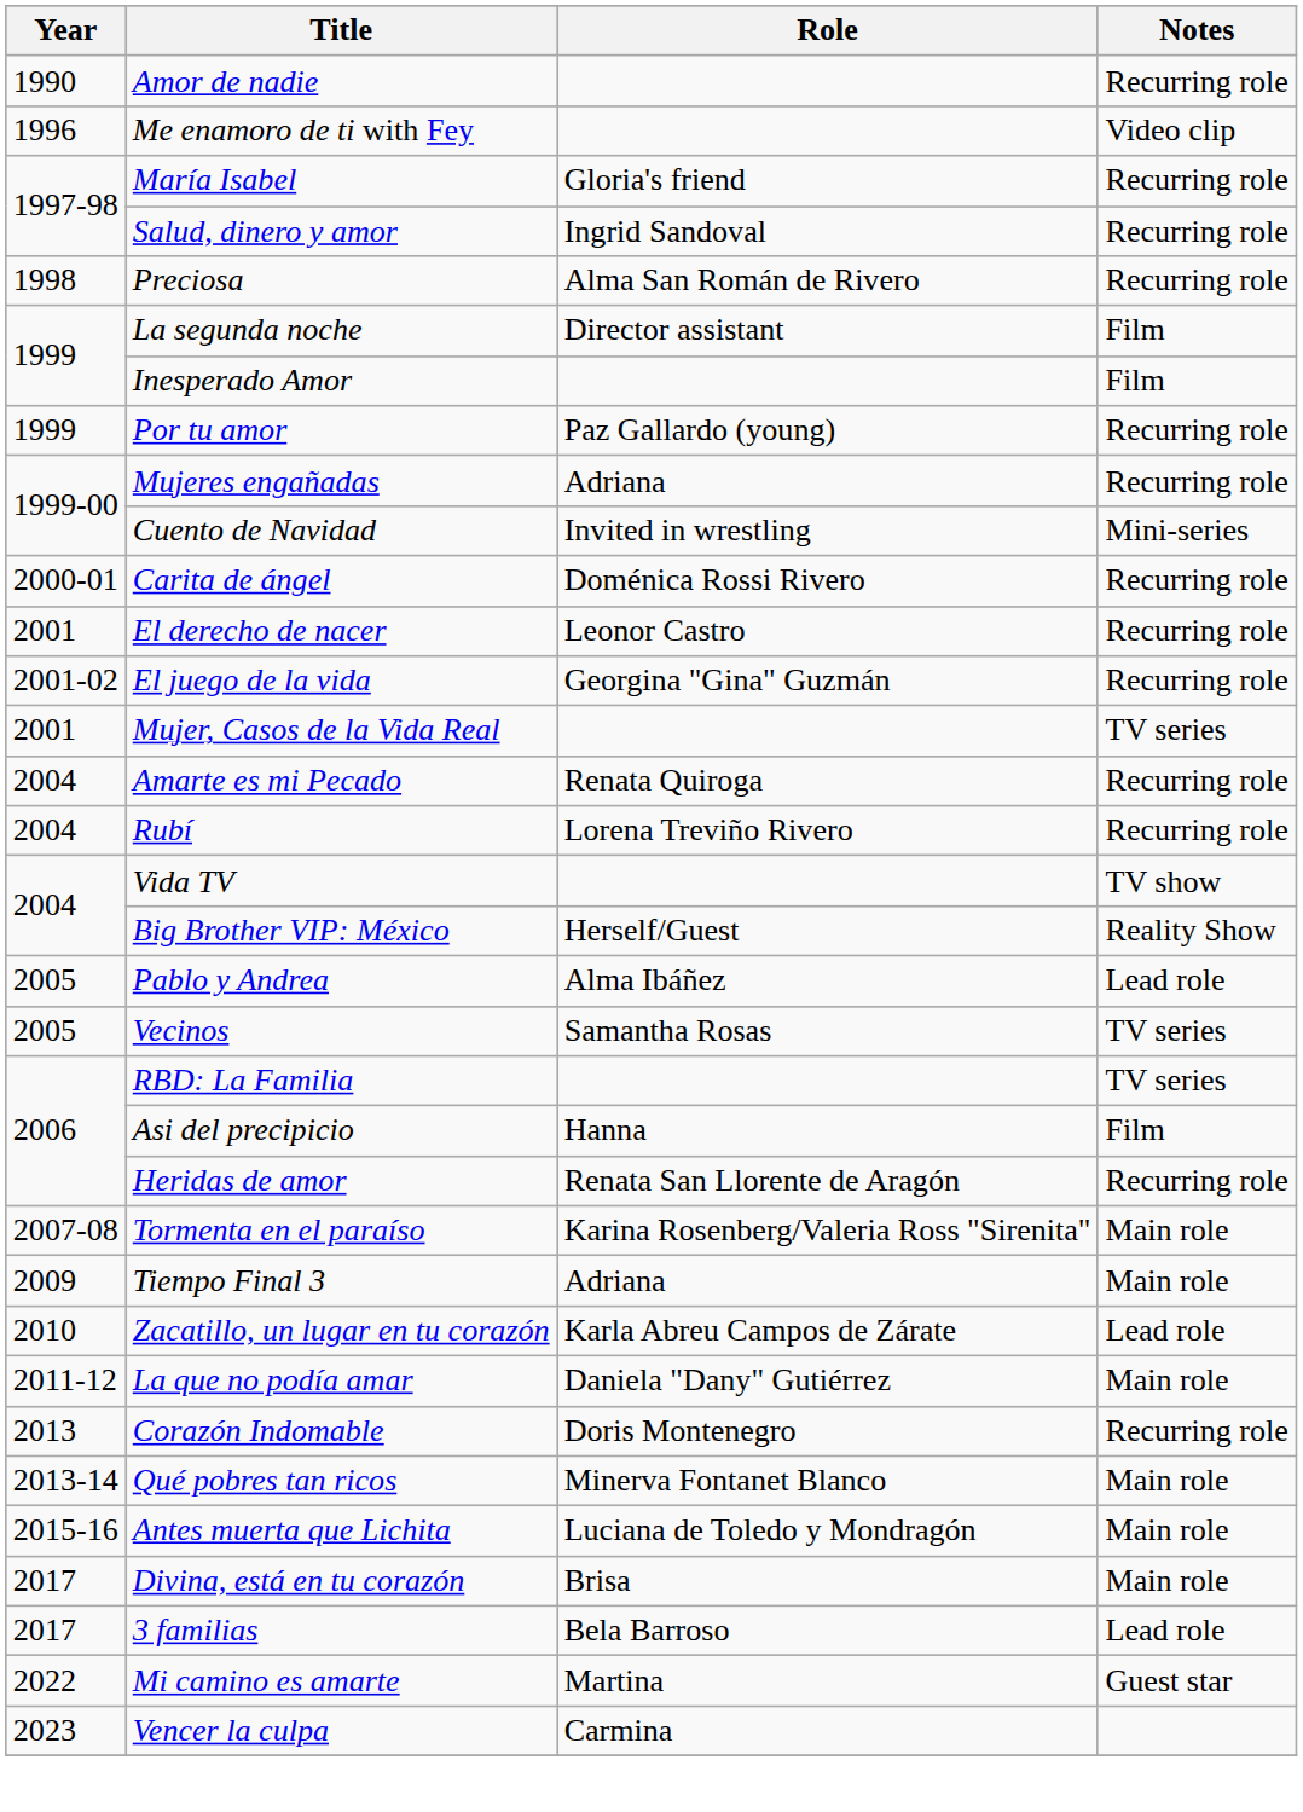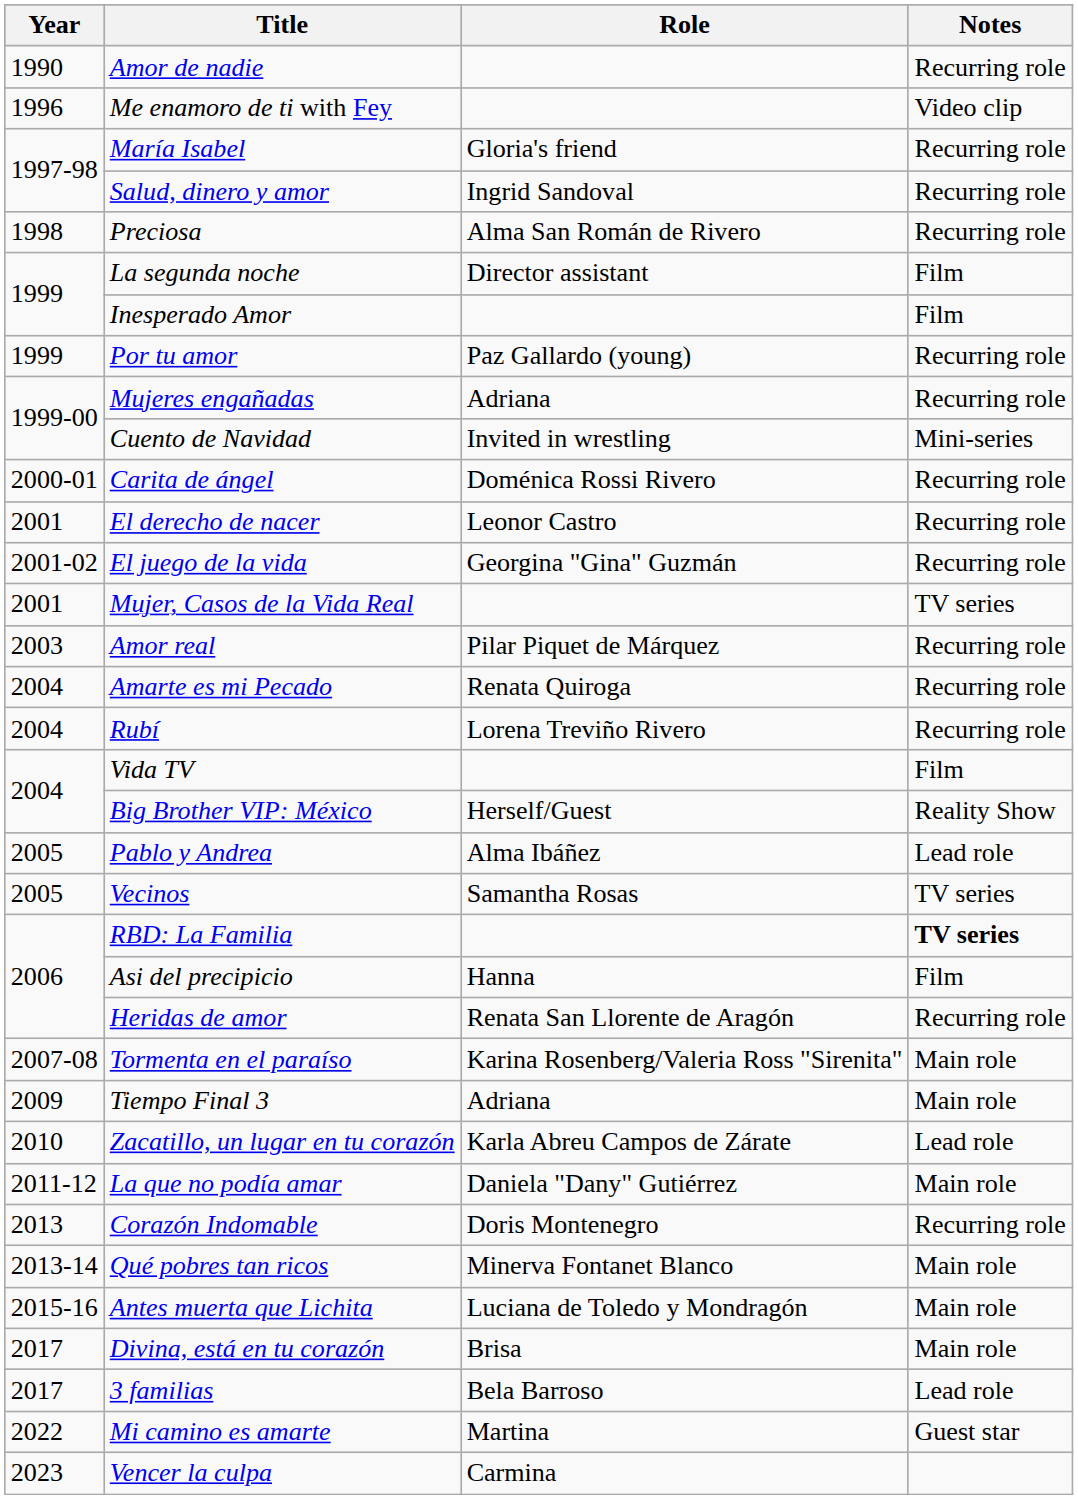 <table class="wikitable">
 <tr style="background:#b0c4de;">
 <th>Year</th>
 <th>Title</th>
 <th>Role</th>
 <th>Notes</th>
 </tr>
 <tr>
 <td>1990</td>
 <td><em><a href='#'>Amor de nadie</a></em></td>
 <td></td>
 <td>Recurring role</td>
 </tr>
 <tr>
 <td>1996</td>
 <td><em>Me enamoro de ti</em> with <a href='#'>Fey</a></td>
 <td></td>
 <td>Video clip</td>
 </tr>
 <tr>
 <td rowspan=2>1997-98</td>
 <td><em><a href='#'>María Isabel</a></em></td>
 <td>Gloria's friend</td>
 <td>Recurring role</td>
 </tr>
 <tr>
 <td><em><a href='#'>Salud, dinero y amor</a></em></td>
 <td>Ingrid Sandoval</td>
 <td>Recurring role</td>
 </tr>
 <tr>
 <td>1998</td>
 <td><em> Preciosa</em></td>
 <td>Alma San Román de Rivero</td>
 <td>Recurring role</td>
 </tr>
 <tr>
 <td rowspan=2>1999</td>
 <td><em>La segunda noche</em></td>
 <td>Director assistant</td>
 <td>Film</td>
 </tr>
 <tr>
 <td><em>Inesperado Amor</em></td>
 <td></td>
 <td>Film</td>
 </tr>
 <tr>
 <td>1999</td>
 <td><em><a href='#'>Por tu amor</a></em></td>
 <td>Paz Gallardo (young)</td>
 <td>Recurring role</td>
 </tr>
 <tr>
 <td rowspan=2>1999-00</td>
 <td><em><a href='#'>Mujeres engañadas</a></em></td>
 <td>Adriana</td>
 <td>Recurring role</td>
 </tr>
 <tr>
 <td><em>Cuento de Navidad</em></td>
 <td>Invited in wrestling</td>
 <td>Mini-series</td>
 </tr>
 <tr>
 <td>2000-01</td>
 <td><em><a href='#'>Carita de ángel</a></em></td>
 <td>Doménica Rossi Rivero</td>
 <td>Recurring role</td>
 </tr>
 <tr>
 <td>2001</td>
 <td><em><a href='#'>El derecho de nacer</a></em></td>
 <td>Leonor Castro</td>
 <td>Recurring role</td>
 </tr>
 <tr>
 <td>2001-02</td>
 <td><em> <a href='#'>El juego de la vida</a></em></td>
 <td>Georgina "Gina" Guzmán</td>
 <td>Recurring role</td>
 </tr>
 <tr>
 <td>2001</td>
 <td><em><a href='#'>Mujer, Casos de la Vida Real</a></em></td>
 <td></td>
 <td>TV series</td>
 </tr>
 <tr>
+<td>2003</td>
+<td><em> <a href='#'>Amor real</a></em></td>
+<td>Pilar Piquet de Márquez</td>
+<td>Recurring role</td>
+</tr>
+<tr>
 <td>2004</td>
 <td><em> <a href='#'>Amarte es mi Pecado</a></em></td>
 <td>Renata Quiroga</td>
 <td>Recurring role</td>
 </tr>
 <tr>
 <td>2004</td>
 <td><em> <a href='#'>Rubí</a></em></td>
 <td>Lorena Treviño Rivero</td>
 <td>Recurring role</td>
 </tr>
 <tr>
 <td rowspan=2>2004</td>
 <td><em>Vida TV</em></td>
 <td></td>
-<td>TV show</td>
+<td>Film</td>
 </tr>
 <tr>
 <td><em><a href='#'>Big Brother VIP: México</a></em></td>
 <td>Herself/Guest</td>
 <td>Reality Show</td>
 </tr>
 <tr>
 <td>2005</td>
 <td><em><a href='#'>Pablo y Andrea</a></em></td>
 <td>Alma Ibáñez</td>
 <td>Lead role</td>
 </tr>
 <tr>
 <td>2005</td>
 <td><em><a href='#'>Vecinos</a></em></td>
 <td>Samantha Rosas</td>
 <td>TV series</td>
 </tr>
 <tr>
 <td rowspan=3>2006</td>
 <td><em><a href='#'>RBD: La Familia</a></em></td>
 <td></td>
-<td>TV series</td>
+<td><strong>TV series</strong></td>
 </tr>
 <tr>
 <td><em>Asi del precipicio</em></td>
 <td>Hanna</td>
 <td>Film</td>
 </tr>
 <tr>
 <td><em><a href='#'>Heridas de amor</a></em></td>
 <td>Renata San Llorente de Aragón</td>
 <td>Recurring role</td>
 </tr>
 <tr>
 <td>2007-08</td>
 <td><em><a href='#'>Tormenta en el paraíso</a></em></td>
 <td>Karina Rosenberg/Valeria Ross "Sirenita"</td>
 <td>Main role</td>
 </tr>
 <tr>
 <td>2009</td>
 <td><em>Tiempo Final 3</em></td>
 <td>Adriana</td>
 <td>Main role</td>
 </tr>
 <tr>
 <td>2010</td>
 <td><em><a href='#'>Zacatillo, un lugar en tu corazón</a></em></td>
 <td>Karla Abreu Campos de Zárate</td>
 <td>Lead role</td>
 </tr>
 <tr>
 <td>2011-12</td>
 <td><em><a href='#'>La que no podía amar</a></em></td>
 <td>Daniela "Dany" Gutiérrez</td>
 <td>Main role</td>
 </tr>
 <tr>
 <td>2013</td>
 <td><em><a href='#'>Corazón Indomable</a> </em></td>
 <td>Doris Montenegro</td>
 <td>Recurring role</td>
 </tr>
 <tr>
 <td>2013-14</td>
 <td><em><a href='#'>Qué pobres tan ricos</a></em></td>
 <td>Minerva Fontanet Blanco</td>
 <td>Main role</td>
 </tr>
 <tr>
 <td>2015-16</td>
 <td><em><a href='#'>Antes muerta que Lichita</a></em></td>
 <td>Luciana de Toledo y Mondragón</td>
 <td>Main role</td>
 </tr>
 <tr>
 <td>2017</td>
 <td><em><a href='#'>Divina, está en tu corazón</a></em></td>
 <td>Brisa</td>
 <td>Main role</td>
 </tr>
 <tr>
 <td>2017</td>
 <td><em><a href='#'>3 familias</a></em></td>
 <td>Bela Barroso</td>
 <td>Lead role</td>
 </tr>
 <tr>
 <td>2022</td>
 <td><em><a href='#'>Mi camino es amarte</a></em></td>
 <td>Martina</td>
 <td>Guest star</td>
 </tr>
 <tr>
 <td>2023</td>
 <td><em><a href='#'>Vencer la culpa</a></em></td>
 <td>Carmina</td>
 <td></td>
 </tr>
 <tr>
 </tr>
 </table>
